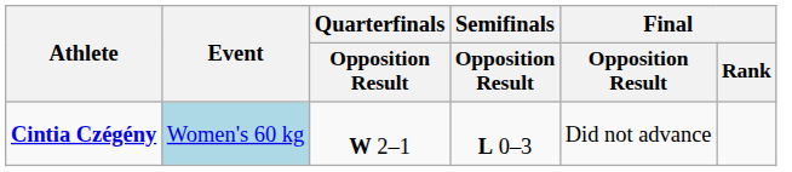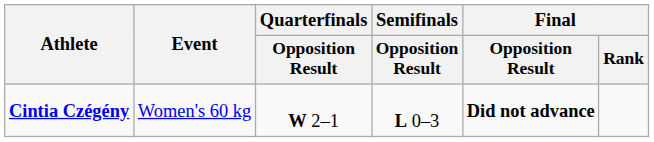 <table class="wikitable" style="font-size:90%">
 <tr>
 <th rowspan=2>Athlete</th>
 <th rowspan=2>Event</th>
 <th>Quarterfinals</th>
 <th>Semifinals</th>
 <th colspan=2>Final</th>
 </tr>
 <tr style="font-size:95%">
 <th>Opposition<br>Result</th>
 <th>Opposition<br>Result</th>
 <th>Opposition<br>Result</th>
 <th>Rank</th>
 </tr>
 <tr align=center>
 <td align=left><strong><a href='#'>Cintia Czégény</a></strong></td>
-<td align=left style="background: lightblue;"><a href='#'>Women's 60 kg</a></td>
+<td align=left><a href='#'>Women's 60 kg</a></td>
 <td><br><strong>W</strong> 2–1</td>
 <td><br><strong>L</strong> 0–3</td>
-<td>Did not advance</td>
+<td><strong>Did not advance</strong></td>
 <td></td>
 </tr>
 </table>
